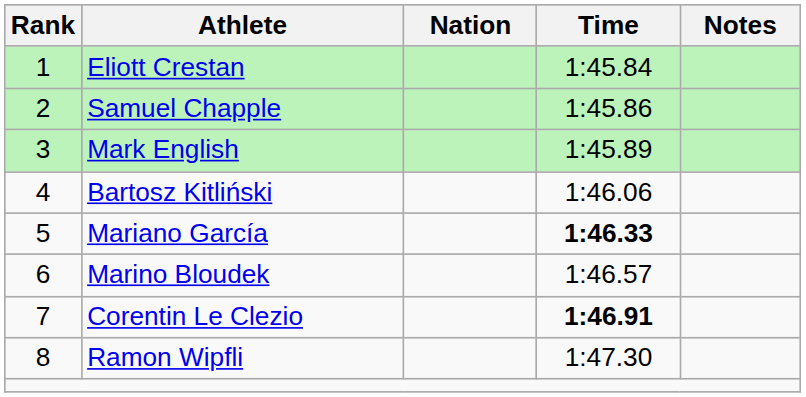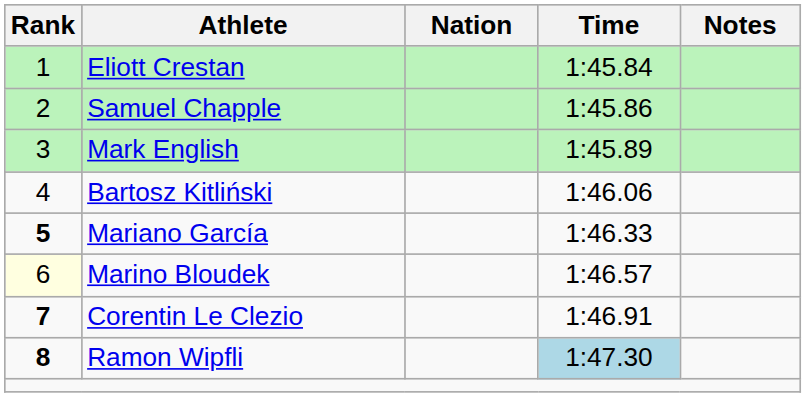 <table class="wikitable sortable" style="text-align:center;width: 55%;">
 <tr>
 <th scope="col" style="width: 10px;">Rank</th>
 <th scope="col">Athlete</th>
 <th scope="col">Nation</th>
 <th scope="col">Time</th>
 <th scope="col">Notes</th>
 </tr>
 <tr bgcolor=bbf3bb>
 <td>1</td>
 <td align=left><a href='#'>Eliott Crestan</a></td>
 <td align=left></td>
 <td>1:45.84</td>
 <td></td>
 </tr>
 <tr bgcolor=bbf3bb>
 <td>2</td>
 <td align=left><a href='#'>Samuel Chapple</a></td>
 <td align=left></td>
 <td>1:45.86</td>
 <td></td>
 </tr>
 <tr bgcolor=bbf3bb>
 <td>3</td>
 <td align=left><a href='#'>Mark English</a></td>
 <td align=left></td>
 <td>1:45.89</td>
 <td></td>
 </tr>
 <tr>
 <td>4</td>
 <td align=left><a href='#'>Bartosz Kitliński</a></td>
 <td align=left></td>
 <td>1:46.06</td>
 <td></td>
 </tr>
 <tr>
-<td>5</td>
+<td><strong>5</strong></td>
 <td align=left><a href='#'>Mariano García</a></td>
 <td align=left></td>
-<td><strong>1:46.33</strong></td>
+<td>1:46.33</td>
 <td></td>
 </tr>
 <tr>
-<td>6</td>
+<td style="background: lightyellow;">6</td>
 <td align=left><a href='#'>Marino Bloudek</a></td>
 <td align=left></td>
 <td>1:46.57</td>
 <td></td>
 </tr>
 <tr>
-<td>7</td>
+<td><strong>7</strong></td>
 <td align=left><a href='#'>Corentin Le Clezio</a></td>
 <td align=left></td>
-<td><strong>1:46.91</strong></td>
+<td>1:46.91</td>
 <td></td>
 </tr>
 <tr>
-<td>8</td>
+<td><strong>8</strong></td>
 <td align=left><a href='#'>Ramon Wipfli</a></td>
 <td align=left></td>
-<td>1:47.30</td>
+<td style="background: lightblue;">1:47.30</td>
 <td></td>
 </tr>
 <tr class="sortbottom">
 <td colspan="5"></td>
 </tr>
 </table>
